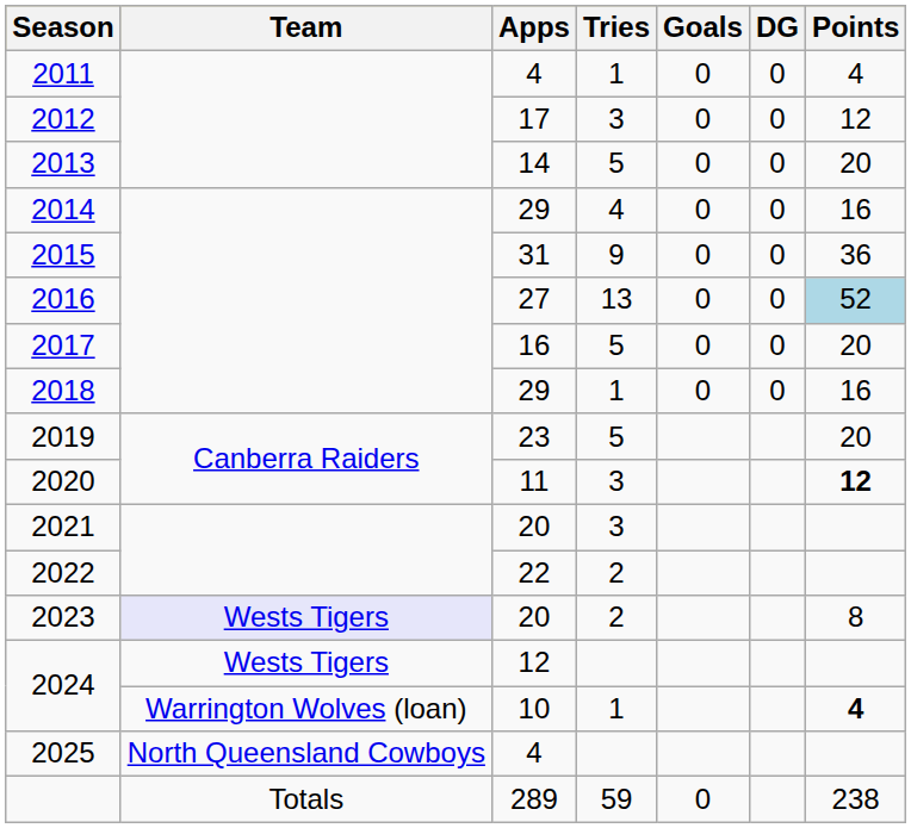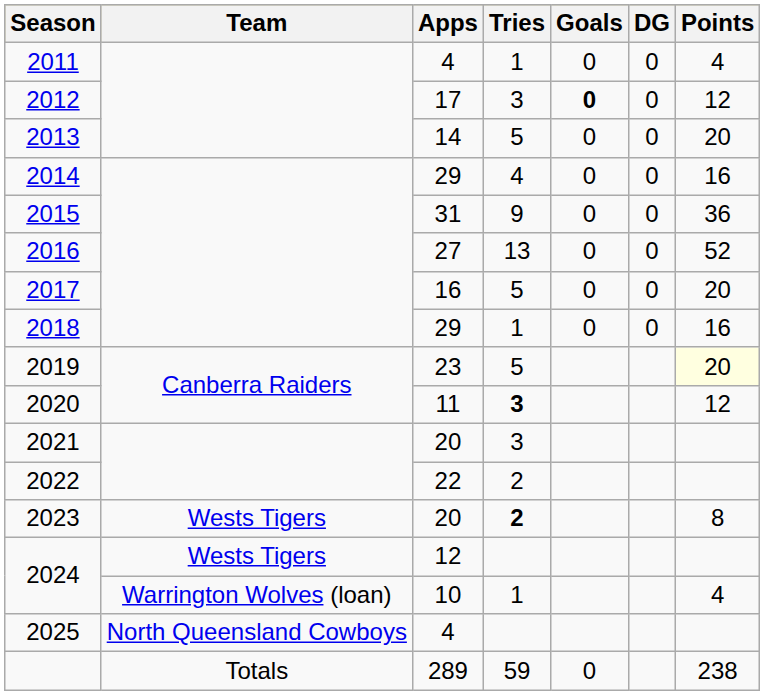 <table class="wikitable" style="text-align:center;">
 <tr style="background:#bdb76b;">
 <th>Season</th>
 <th>Team</th>
 <th>Apps</th>
 <th>Tries</th>
 <th>Goals</th>
 <th>DG</th>
 <th>Points</th>
 </tr>
 <tr>
 <td><a href='#'>2011</a></td>
 <td rowspan="3"></td>
 <td>4</td>
 <td>1</td>
 <td>0</td>
 <td>0</td>
 <td>4</td>
 </tr>
 <tr>
 <td><a href='#'>2012</a></td>
 <td>17</td>
 <td>3</td>
-<td>0</td>
+<td><strong>0</strong></td>
 <td>0</td>
 <td>12</td>
 </tr>
 <tr>
 <td><a href='#'>2013</a></td>
 <td>14</td>
 <td>5</td>
 <td>0</td>
 <td>0</td>
 <td>20</td>
 </tr>
 <tr>
 <td><a href='#'>2014</a></td>
 <td rowspan="5"></td>
 <td>29</td>
 <td>4</td>
 <td>0</td>
 <td>0</td>
 <td>16</td>
 </tr>
 <tr>
 <td><a href='#'>2015</a></td>
 <td>31</td>
 <td>9</td>
 <td>0</td>
 <td>0</td>
 <td>36</td>
 </tr>
 <tr>
 <td><a href='#'>2016</a></td>
 <td>27</td>
 <td>13</td>
 <td>0</td>
 <td>0</td>
-<td style="background: lightblue;">52</td>
+<td>52</td>
 </tr>
 <tr>
 <td><a href='#'>2017</a></td>
 <td>16</td>
 <td>5</td>
 <td>0</td>
 <td>0</td>
 <td>20</td>
 </tr>
 <tr>
 <td><a href='#'>2018</a></td>
 <td>29</td>
 <td>1</td>
 <td>0</td>
 <td>0</td>
 <td>16</td>
 </tr>
 <tr>
 <td>2019</td>
 <td rowspan="2"> <a href='#'>Canberra Raiders</a></td>
 <td>23</td>
 <td>5</td>
 <td></td>
 <td></td>
-<td>20</td>
+<td style="background: lightyellow;">20</td>
 </tr>
 <tr>
 <td>2020</td>
 <td>11</td>
-<td>3</td>
+<td><strong>3</strong></td>
 <td></td>
 <td></td>
-<td><strong>12</strong></td>
+<td>12</td>
 </tr>
 <tr>
 <td>2021</td>
 <td rowspan="2"></td>
 <td>20</td>
 <td>3</td>
 <td></td>
 <td></td>
 <td></td>
 </tr>
 <tr>
 <td>2022</td>
 <td>22</td>
 <td>2</td>
 <td></td>
 <td></td>
 <td></td>
 </tr>
 <tr>
 <td>2023</td>
-<td style="background: lavender;"> <a href='#'>Wests Tigers</a></td>
+<td> <a href='#'>Wests Tigers</a></td>
 <td>20</td>
-<td>2</td>
+<td><strong>2</strong></td>
 <td></td>
 <td></td>
 <td>8</td>
 </tr>
 <tr>
 <td rowspan="2">2024</td>
 <td> <a href='#'>Wests Tigers</a></td>
 <td>12</td>
 <td></td>
 <td></td>
 <td></td>
 <td></td>
 </tr>
 <tr>
 <td> <a href='#'>Warrington Wolves</a> (loan)</td>
 <td>10</td>
 <td>1</td>
 <td></td>
 <td></td>
-<td><strong>4</strong></td>
+<td>4</td>
 </tr>
 <tr>
 <td>2025</td>
 <td> <a href='#'>North Queensland Cowboys</a></td>
 <td>4</td>
 <td></td>
 <td></td>
 <td></td>
 <td></td>
 </tr>
 <tr>
 <td></td>
 <td>Totals</td>
 <td>289</td>
 <td>59</td>
 <td>0</td>
 <td></td>
 <td>238</td>
 </tr>
 </table>
